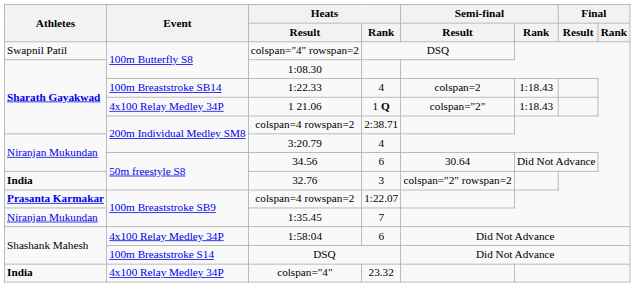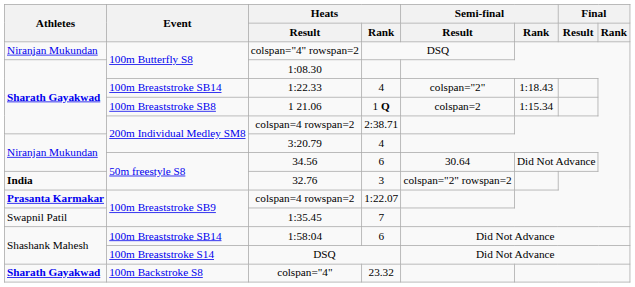 <table class="wikitable" style="text-align:center; font-size:90%">
 <tr>
 <th rowspan=2>Athletes</th>
 <th rowspan=2>Event</th>
 <th colspan=2>Heats</th>
 <th colspan=2>Semi-final</th>
 <th colspan=2>Final</th>
 </tr>
 <tr>
 <th>Result</th>
 <th>Rank</th>
 <th>Result</th>
 <th>Rank</th>
 <th>Result</th>
 <th>Rank</th>
 </tr>
 <tr>
-<td align=left>Swapnil Patil</td>
+<td align=left><a href='#'>Niranjan Mukundan</a></td>
 <td align=left rowspan=2><a href='#'>100m Butterfly S8</a></td>
 <td>colspan="4" rowspan=2 </td>
 <td colspan=2>DSQ</td>
 </tr>
 <tr>
 <td align=left rowspan=4><strong><a href='#'>Sharath Gayakwad</a></strong></td>
 <td>1:08.30</td>
 <td></td>
 </tr>
 <tr>
 <td align=left><a href='#'>100m Breaststroke SB14</a></td>
 <td>1:22.33</td>
 <td>4</td>
-<td>colspan=2 </td>
+<td>colspan="2" </td>
 <td>1:18.43</td>
 <td></td>
 </tr>
 <tr>
-<td align=left><a href='#'>4x100 Relay Medley 34P</a></td>
+<td align=left><a href='#'>100m Breaststroke SB8</a></td>
 <td>1 21.06</td>
 <td>1 <strong>Q</strong></td>
-<td>colspan="2" </td>
-<td>1:18.43</td>
+<td>colspan=2 </td>
+<td>1:15.34</td>
 <td></td>
 </tr>
 <tr>
 <td align=left rowspan=2><a href='#'>200m Individual Medley SM8</a></td>
 <td>colspan=4 rowspan=2 </td>
 <td>2:38.71</td>
 <td></td>
 </tr>
 <tr>
 <td align=left rowspan=2><a href='#'>Niranjan Mukundan</a></td>
 <td>3:20.79</td>
 <td>4</td>
 </tr>
 <tr>
 <td align=left rowspan=2><a href='#'>50m freestyle S8</a></td>
 <td>34.56</td>
 <td>6</td>
 <td>30.64</td>
 <td colspan=2>Did Not Advance</td>
 </tr>
 <tr>
 <td align=left><strong>India</strong></td>
 <td>32.76</td>
 <td>3</td>
 <td>colspan="2" rowspan=2 </td>
 <td></td>
 </tr>
 <tr>
 <td align=left><strong><a href='#'>Prasanta Karmakar</a></strong></td>
 <td align=left rowspan=2><a href='#'>100m Breaststroke SB9</a></td>
 <td>colspan=4 rowspan=2 </td>
 <td>1:22.07</td>
 <td></td>
 </tr>
 <tr>
-<td align=left><a href='#'>Niranjan Mukundan</a></td>
+<td align=left>Swapnil Patil</td>
 <td>1:35.45</td>
 <td>7</td>
 </tr>
 <tr>
 <td align=left rowspan=2>Shashank Mahesh</td>
-<td align=left><a href='#'>4x100 Relay Medley 34P</a></td>
+<td align=left><a href='#'>100m Breaststroke SB14</a></td>
 <td>1:58:04</td>
 <td>6</td>
 <td colspan=4>Did Not Advance</td>
 </tr>
 <tr>
 <td align=left><a href='#'>100m Breaststroke S14</a></td>
 <td colspan=2>DSQ</td>
 <td colspan=4>Did Not Advance</td>
 </tr>
 <tr>
-<td align=left><strong>India</strong></td>
-<td align=left><a href='#'>4x100 Relay Medley 34P</a></td>
+<td align=left><strong><a href='#'>Sharath Gayakwad</a></strong></td>
+<td align=left><a href='#'>100m Backstroke S8</a></td>
 <td>colspan="4" </td>
 <td>23.32</td>
 <td></td>
 </tr>
 </table>
